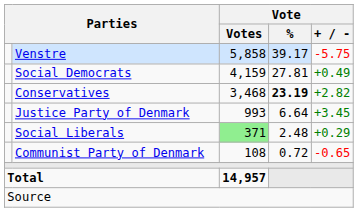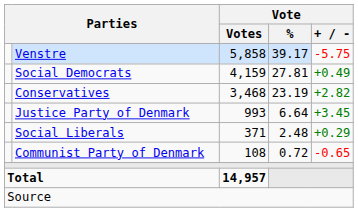 <table class="wikitable" style="text-align:right;">
 <tr>
 <th style="text-align:centre;" rowspan="2" colspan="2" width="225">Parties</th>
 <th colspan="3">Vote</th>
 </tr>
 <tr>
 <th width="15">Votes</th>
 <th width="15">%</th>
 <th width="15">+ / -</th>
 </tr>
 <tr>
 <td width="2" style="color:inherit;background:"></td>
 <td bgcolor=#cfe5fe  align="left"><a href='#'>Venstre</a></td>
 <td bgcolor=#cfe5fe>5,858</td>
 <td bgcolor=#cfe5fe>39.17</td>
 <td style=color:red;>-5.75</td>
 </tr>
 <tr>
 <td width="2" style="color:inherit;background:"></td>
 <td align="left"><a href='#'>Social Democrats</a></td>
 <td>4,159</td>
 <td>27.81</td>
 <td style=color:green;>+0.49</td>
 </tr>
 <tr>
 <td width="2" style="color:inherit;background:"></td>
 <td align="left"><a href='#'>Conservatives</a></td>
 <td>3,468</td>
-<td><strong>23.19</strong></td>
+<td>23.19</td>
 <td style=color:green;>+2.82</td>
 </tr>
 <tr>
 <td width="2" style="color:inherit;background:"></td>
 <td align="left"><a href='#'>Justice Party of Denmark</a></td>
 <td>993</td>
 <td>6.64</td>
 <td style=color:green;>+3.45</td>
 </tr>
 <tr>
 <td width="2" style="color:inherit;background:"></td>
 <td align="left"><a href='#'>Social Liberals</a></td>
-<td style="background: lightgreen;">371</td>
+<td>371</td>
 <td>2.48</td>
 <td style=color:green;>+0.29</td>
 </tr>
 <tr>
 <td width="2" style="color:inherit;background:"></td>
 <td align="left"><a href='#'>Communist Party of Denmark</a></td>
 <td>108</td>
 <td>0.72</td>
 <td style=color:red;>-0.65</td>
 </tr>
 <tr>
 <td colspan="7" bgcolor="#E9E9E9"></td>
 </tr>
 <tr>
 <td align="left" colspan="2"><strong>Total</strong></td>
 <td><strong>14,957</strong></td>
 <td bgcolor="#E9E9E9" colspan="2"></td>
 </tr>
 <tr>
 <td align="left" colspan="6">Source</td>
 </tr>
 </table>
